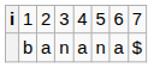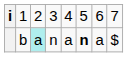 <table class="wikitable">
 <tr>
 <th>i</th>
 <td>1</td>
 <td>2</td>
 <td>3</td>
 <td>4</td>
 <td>5</td>
 <td>6</td>
 <td>7</td>
 </tr>
 <tr>
 <th></th>
 <td>b</td>
-<td>a</td>
+<td style="background: paleturquoise;">a</td>
 <td>n</td>
 <td>a</td>
-<td>n</td>
+<td><strong>n</strong></td>
 <td>a</td>
 <td>$</td>
 </tr>
 </table>
